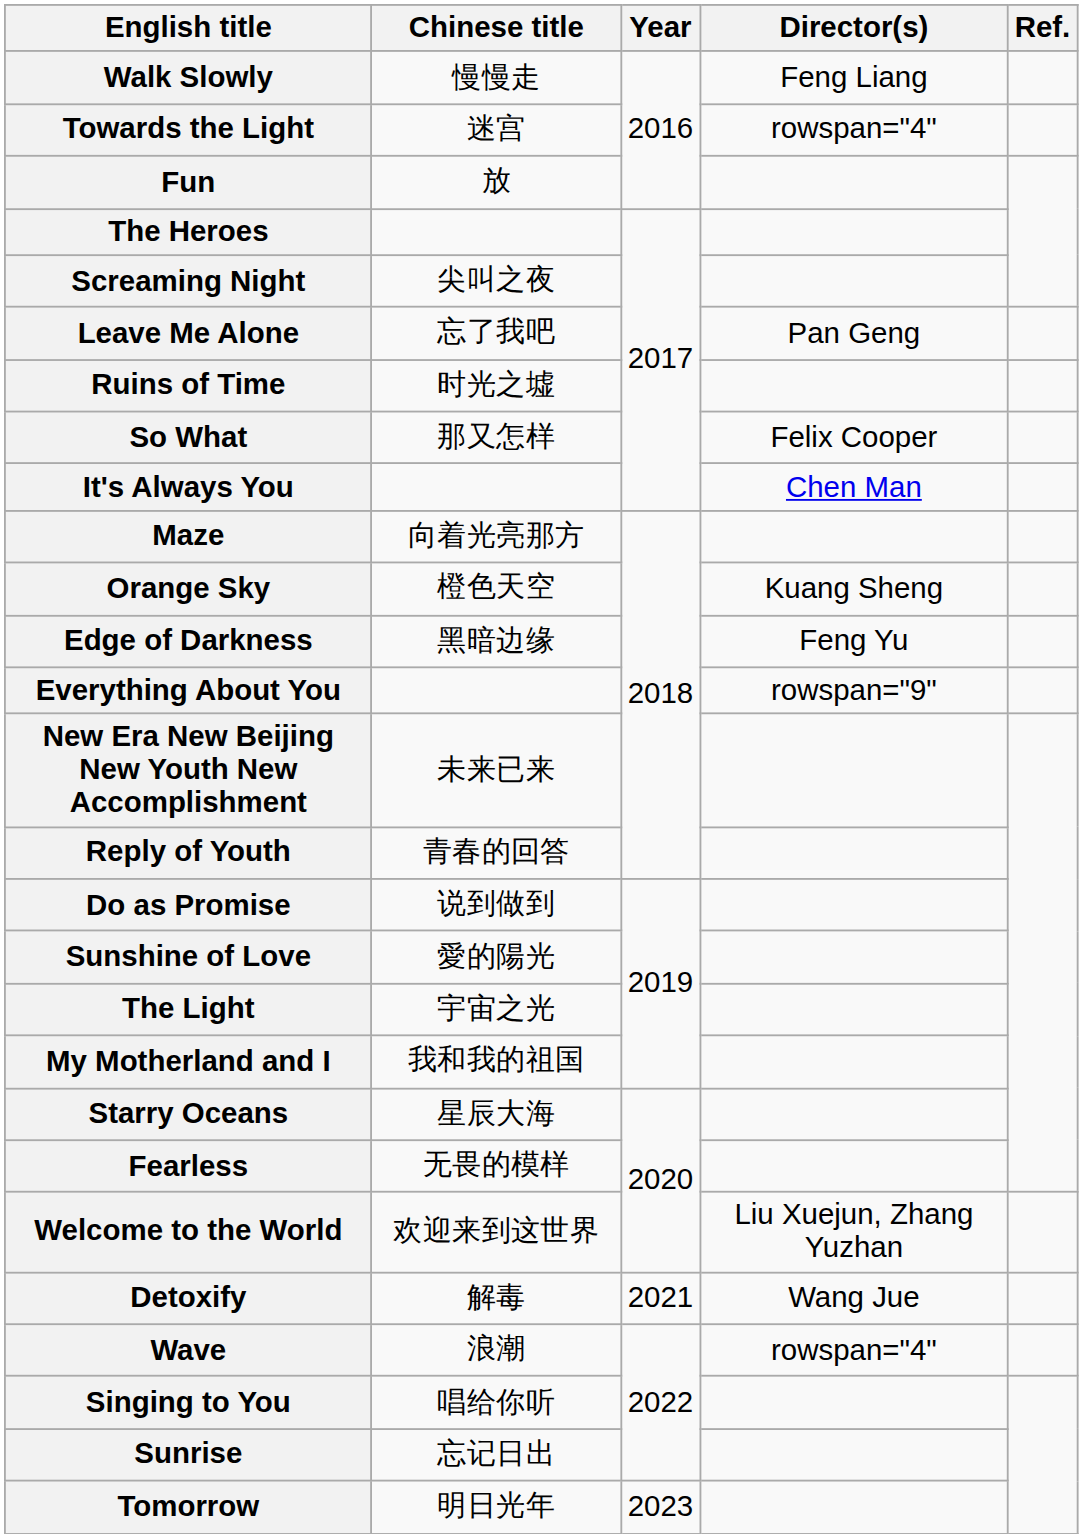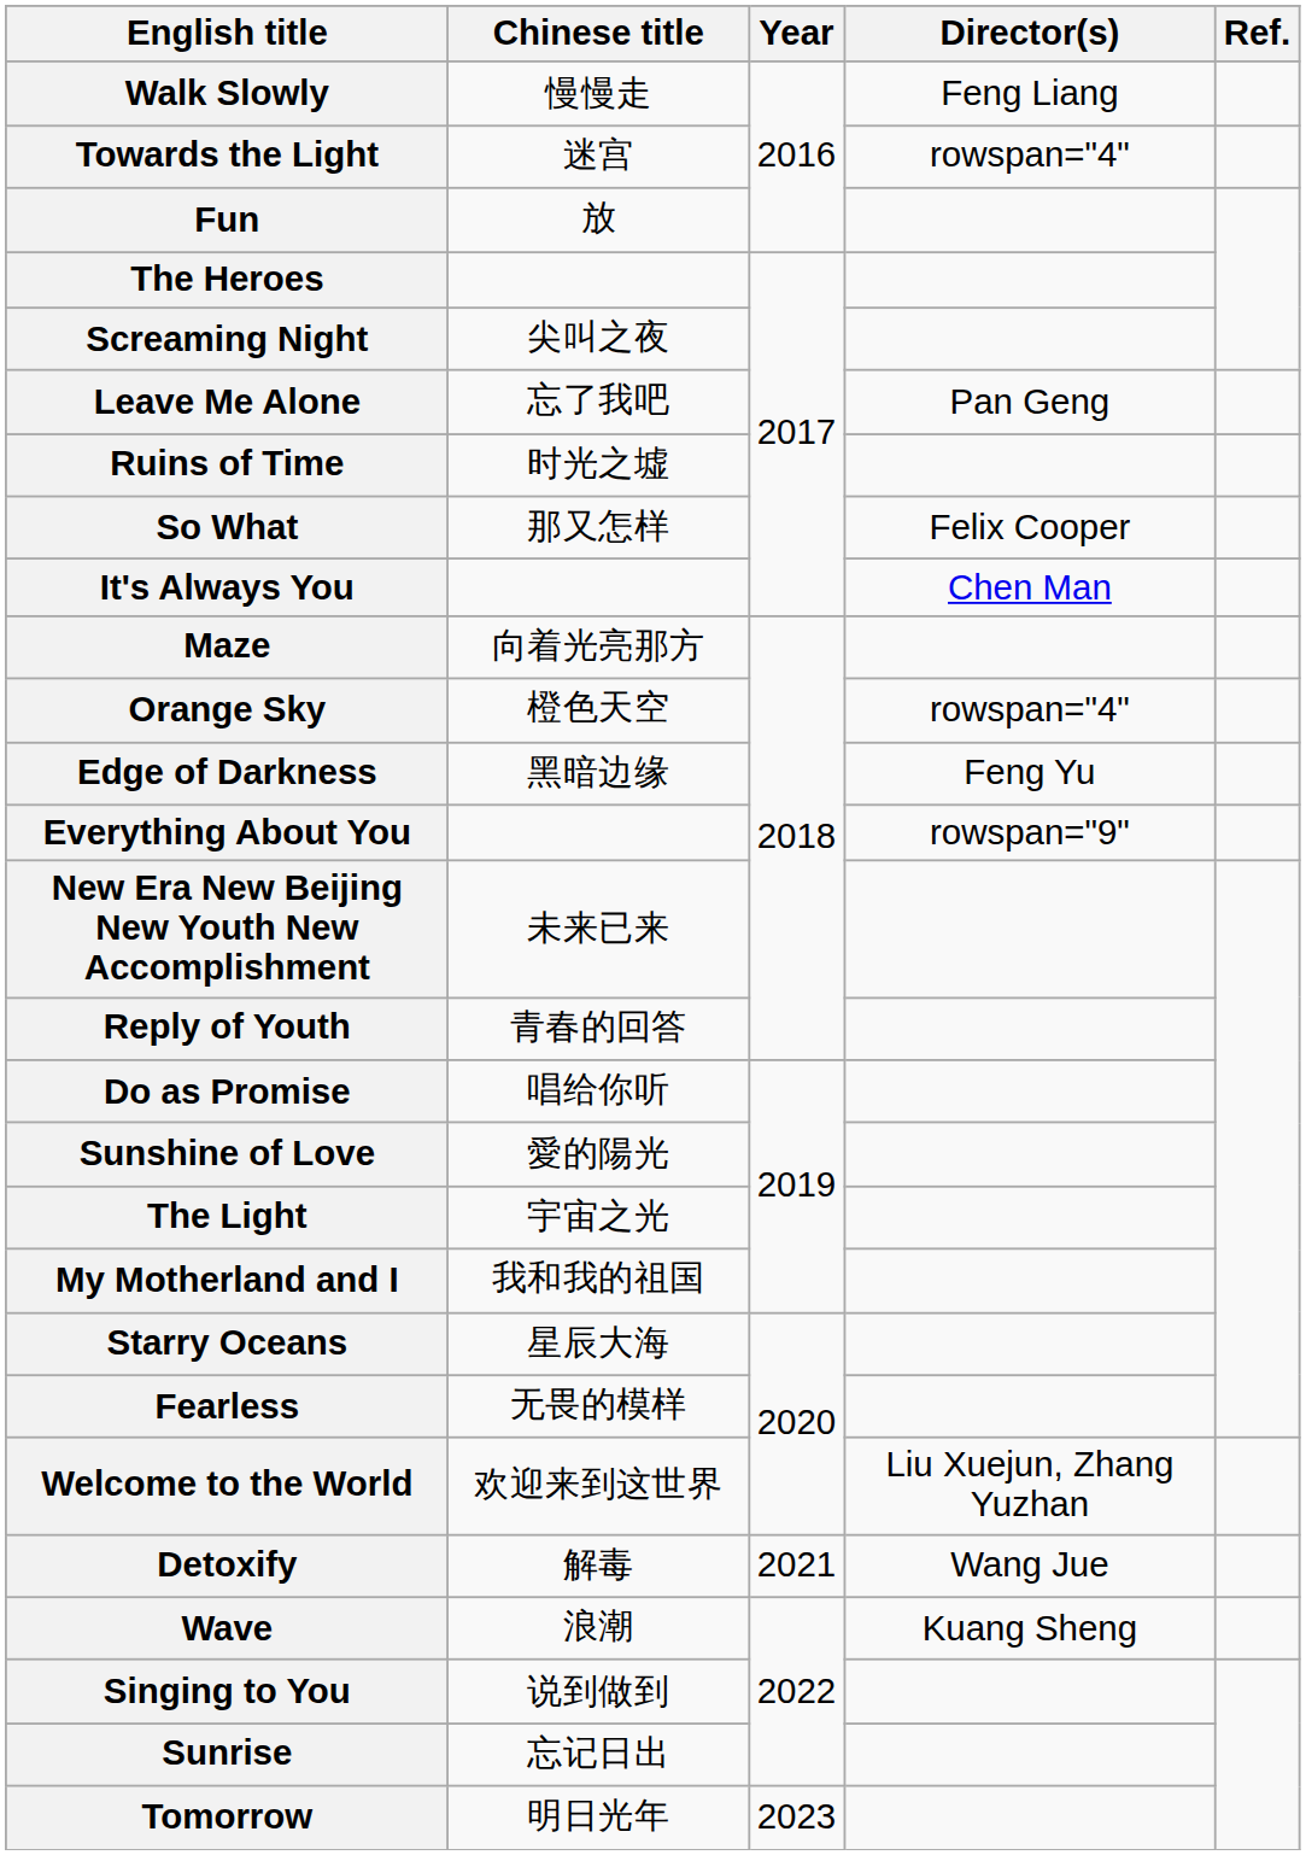 <table class="wikitable plainrowheaders" style="text-align:center;">
 <tr>
 <th scope="col" style="width:12em;">English title</th>
 <th scope="col" style="width:8em;">Chinese title</th>
 <th scope="col" style="width:1em;">Year</th>
 <th scope="col" style="width:10em;">Director(s)</th>
 <th scope="col" style="width:1em;">Ref.</th>
 </tr>
 <tr>
 <th scope="row">Walk Slowly</th>
 <td>慢慢走</td>
 <td rowspan="3">2016</td>
 <td>Feng Liang</td>
 <td></td>
 </tr>
 <tr>
 <th scope="row">Towards the Light</th>
 <td>迷宫</td>
 <td>rowspan="4"</td>
 <td></td>
 </tr>
 <tr>
 <th scope="row">Fun</th>
 <td>放</td>
 <td></td>
 </tr>
 <tr>
 <th scope="row">The Heroes</th>
 <td></td>
 <td rowspan="6">2017</td>
 <td></td>
 </tr>
 <tr>
 <th scope="row">Screaming Night</th>
 <td>尖叫之夜</td>
 <td></td>
 </tr>
 <tr>
 <th scope="row">Leave Me Alone</th>
 <td>忘了我吧</td>
 <td>Pan Geng</td>
 <td></td>
 </tr>
 <tr>
 <th scope="row">Ruins of Time</th>
 <td>时光之墟</td>
 <td></td>
 <td></td>
 </tr>
 <tr>
 <th scope="row">So What</th>
 <td>那又怎样</td>
 <td>Felix Cooper</td>
 <td></td>
 </tr>
 <tr>
 <th scope="row">It's Always You</th>
 <td></td>
 <td><a href='#'>Chen Man</a></td>
 <td></td>
 </tr>
 <tr>
 <th scope="row">Maze</th>
 <td>向着光亮那方</td>
 <td rowspan="6">2018</td>
 <td></td>
 <td></td>
 </tr>
 <tr>
 <th scope="row">Orange Sky</th>
 <td>橙色天空</td>
-<td>Kuang Sheng</td>
+<td>rowspan="4"</td>
 <td></td>
 </tr>
 <tr>
 <th scope="row">Edge of Darkness</th>
 <td>黑暗边缘</td>
 <td>Feng Yu</td>
 <td></td>
 </tr>
 <tr>
 <th scope="row">Everything About You</th>
 <td></td>
 <td>rowspan="9"</td>
 <td></td>
 </tr>
 <tr>
 <th scope="row">New Era New Beijing New Youth New Accomplishment</th>
 <td>未来已来</td>
 <td></td>
 </tr>
 <tr>
 <th scope="row">Reply of Youth</th>
 <td>青春的回答</td>
 <td></td>
 </tr>
 <tr>
 <th scope="row">Do as Promise</th>
-<td>说到做到</td>
+<td>唱给你听</td>
 <td rowspan="4">2019</td>
 <td></td>
 </tr>
 <tr>
 <th scope="row">Sunshine of Love</th>
 <td>愛的陽光</td>
 <td></td>
 </tr>
 <tr>
 <th scope="row">The Light</th>
 <td>宇宙之光</td>
 <td></td>
 </tr>
 <tr>
 <th scope="row">My Motherland and I</th>
 <td>我和我的祖国</td>
 <td></td>
 </tr>
 <tr>
 <th scope="row">Starry Oceans</th>
 <td>星辰大海</td>
 <td rowspan="3">2020</td>
 <td></td>
 </tr>
 <tr>
 <th scope="row">Fearless</th>
 <td>无畏的模样</td>
 <td></td>
 </tr>
 <tr>
 <th scope="row">Welcome to the World</th>
 <td>欢迎来到这世界</td>
 <td>Liu Xuejun, Zhang Yuzhan</td>
 <td></td>
 </tr>
 <tr>
 <th scope="row">Detoxify</th>
 <td>解毒</td>
 <td>2021</td>
 <td>Wang Jue</td>
 <td></td>
 </tr>
 <tr>
 <th scope="row">Wave</th>
 <td>浪潮</td>
 <td rowspan="3">2022</td>
-<td>rowspan="4"</td>
+<td>Kuang Sheng</td>
 <td></td>
 </tr>
 <tr>
 <th scope="row">Singing to You</th>
-<td>唱给你听</td>
+<td>说到做到</td>
 <td></td>
 </tr>
 <tr>
 <th scope="row">Sunrise</th>
 <td>忘记日出</td>
 <td></td>
 </tr>
 <tr>
 <th scope="row">Tomorrow</th>
 <td>明日光年</td>
 <td>2023</td>
 <td></td>
 </tr>
 </table>
